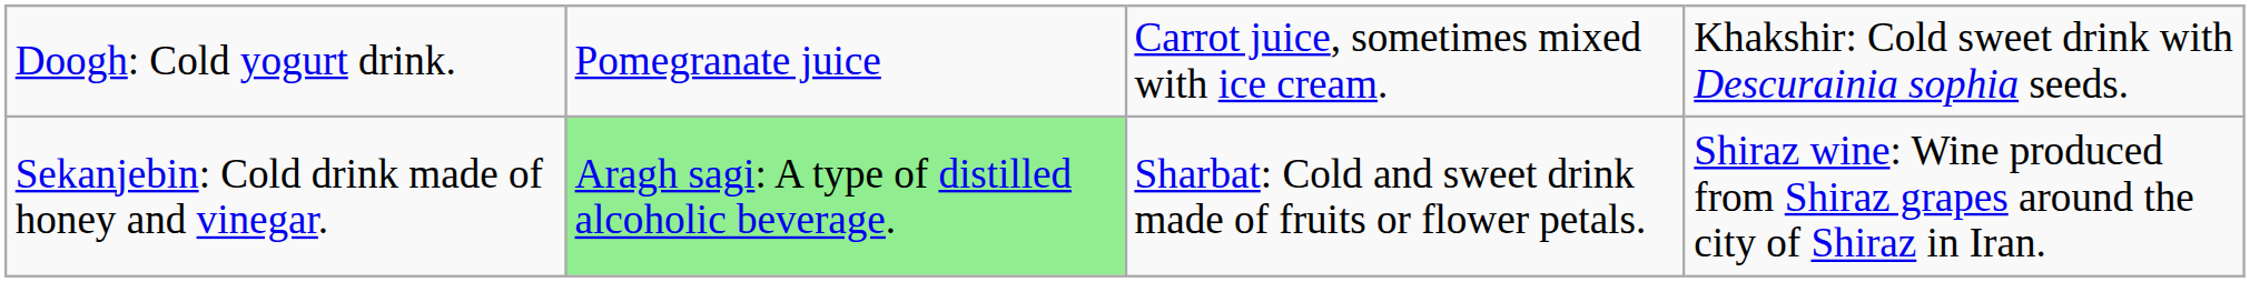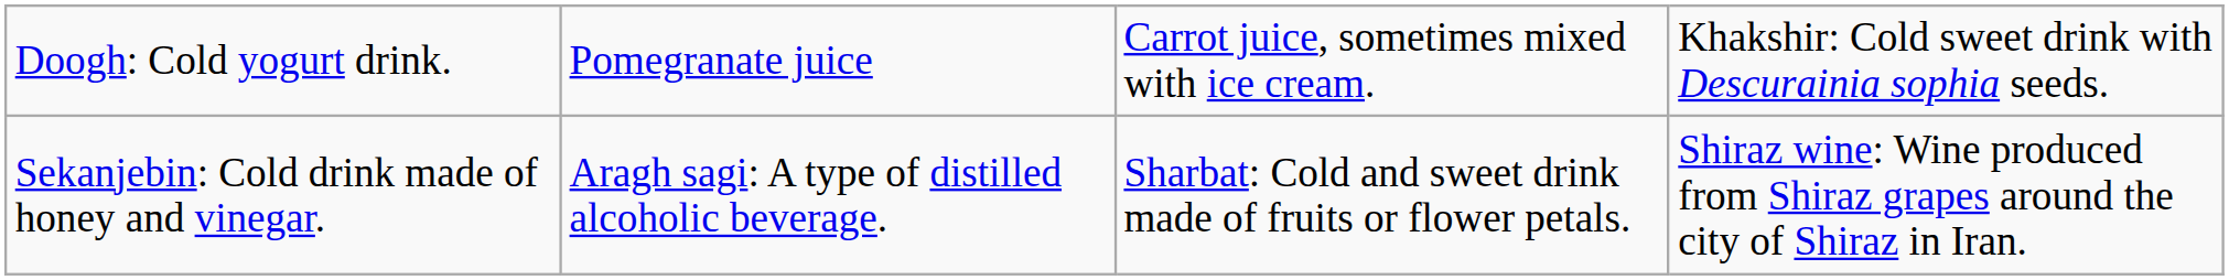 <table class="wikitable">
 <tr>
 <td style="width: 20%;"><a href='#'>Doogh</a>: Cold <a href='#'>yogurt</a> drink.</td>
 <td style="width: 20%;"><a href='#'>Pomegranate juice</a></td>
 <td style="width: 20%;"><a href='#'>Carrot juice</a>, sometimes mixed with <a href='#'>ice cream</a>.</td>
 <td style="width: 20%;">Khakshir: Cold sweet drink with <em><a href='#'>Descurainia sophia</a></em> seeds.</td>
 </tr>
 <tr>
 <td><a href='#'>Sekanjebin</a>: Cold drink made of honey and <a href='#'>vinegar</a>.</td>
-<td style="background: lightgreen;"><a href='#'>Aragh sagi</a>: A type of <a href='#'>distilled alcoholic beverage</a>.</td>
+<td><a href='#'>Aragh sagi</a>: A type of <a href='#'>distilled alcoholic beverage</a>.</td>
 <td><a href='#'>Sharbat</a>: Cold and sweet drink made of fruits or flower petals.</td>
 <td><a href='#'>Shiraz wine</a>: Wine produced from <a href='#'>Shiraz grapes</a> around the city of <a href='#'>Shiraz</a> in Iran.</td>
 </tr>
 </table>
